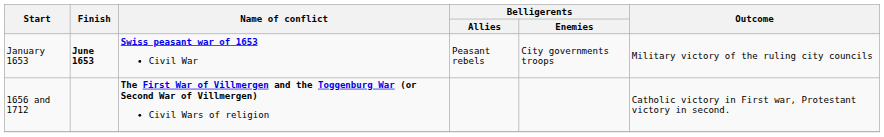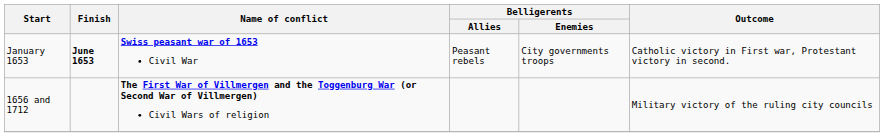 <table class="wikitable">
 <tr>
 <th rowspan="2">Start</th>
 <th rowspan="2">Finish</th>
 <th rowspan="2">Name of conflict</th>
 <th colspan="2">Belligerents</th>
 <th rowspan="2">Outcome</th>
 </tr>
 <tr>
 <th>Allies</th>
 <th>Enemies</th>
 </tr>
 <tr>
 <td>January 1653</td>
 <td><strong>June 1653</strong></td>
 <td><strong><a href='#'>Swiss peasant war of 1653</a></strong><br><ul><li>Civil War</li></ul></td>
 <td>Peasant rebels</td>
 <td>City governments troops</td>
-<td>Military victory of the ruling city councils</td>
+<td>Catholic victory in First war, Protestant victory in second.</td>
 </tr>
 <tr>
 <td>1656 and 1712</td>
 <td></td>
 <td><strong>The <a href='#'>First War of Villmergen</a> and the <a href='#'>Toggenburg War</a> (or Second War of Villmergen)</strong><br><ul><li>Civil Wars of religion</li></ul></td>
 <td></td>
 <td></td>
-<td>Catholic victory in First war, Protestant victory in second.</td>
+<td>Military victory of the ruling city councils</td>
 </tr>
 <tr>
 </tr>
 </table>
